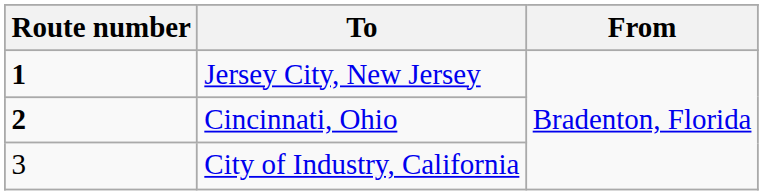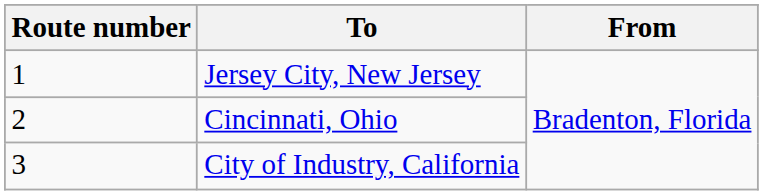 <table class="wikitable">
 <tr>
 <th>Route number</th>
 <th>To</th>
 <th>From</th>
 </tr>
 <tr>
-<td><strong>1</strong></td>
+<td>1</td>
 <td><a href='#'>Jersey City, New Jersey</a></td>
 <td rowspan="3"><a href='#'>Bradenton, Florida</a></td>
 </tr>
 <tr>
-<td><strong>2</strong></td>
+<td>2</td>
 <td><a href='#'>Cincinnati, Ohio</a></td>
 </tr>
 <tr>
 <td>3</td>
 <td><a href='#'>City of Industry, California</a></td>
 </tr>
 </table>
